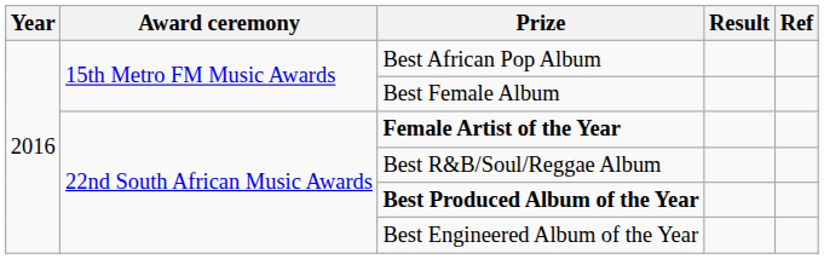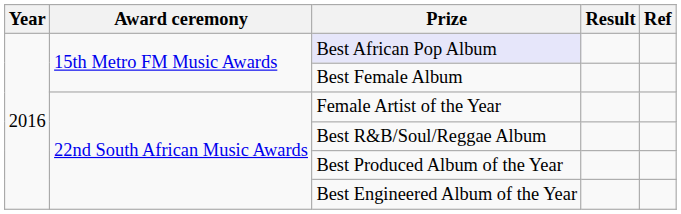 <table class ="wikitable">
 <tr>
 <th>Year</th>
 <th>Award ceremony</th>
 <th>Prize</th>
 <th>Result</th>
 <th>Ref</th>
 </tr>
 <tr>
 <td rowspan="6">2016</td>
 <td rowspan="2"><a href='#'>15th Metro FM Music Awards</a></td>
-<td>Best African Pop Album</td>
+<td style="background: lavender;">Best African Pop Album</td>
 <td></td>
 <td></td>
 </tr>
 <tr>
 <td>Best Female Album</td>
 <td></td>
 <td></td>
 </tr>
 <tr>
 <td rowspan="4"><a href='#'>22nd South African Music Awards</a></td>
-<td><strong>Female Artist of the Year</strong></td>
+<td>Female Artist of the Year</td>
 <td></td>
 <td></td>
 </tr>
 <tr>
 <td>Best R&B/Soul/Reggae Album</td>
 <td></td>
 <td></td>
 </tr>
 <tr>
-<td><strong>Best Produced Album of the Year</strong></td>
+<td>Best Produced Album of the Year</td>
 <td></td>
 <td></td>
 </tr>
 <tr>
 <td>Best Engineered Album of the Year</td>
 <td></td>
 <td></td>
 </tr>
 </table>
